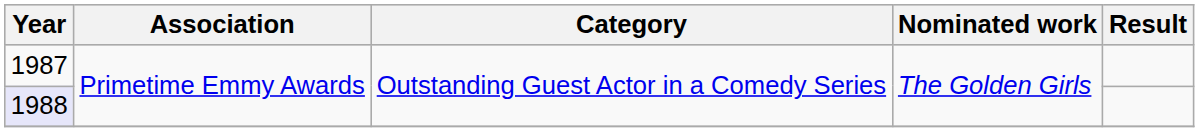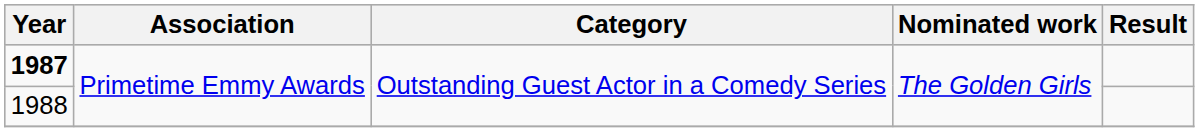 <table class="wikitable sortable">
 <tr>
 <th>Year</th>
 <th>Association</th>
 <th>Category</th>
 <th>Nominated work</th>
 <th>Result</th>
 </tr>
 <tr>
-<td>1987</td>
+<td><strong>1987</strong></td>
 <td rowspan="2"><a href='#'>Primetime Emmy Awards</a></td>
 <td rowspan="2"><a href='#'>Outstanding Guest Actor in a Comedy Series</a></td>
 <td rowspan="2"><em><a href='#'>The Golden Girls</a></em></td>
 <td></td>
 </tr>
 <tr>
-<td style="background: lavender;">1988</td>
+<td>1988</td>
 <td></td>
 </tr>
 <tr>
 </tr>
 </table>
